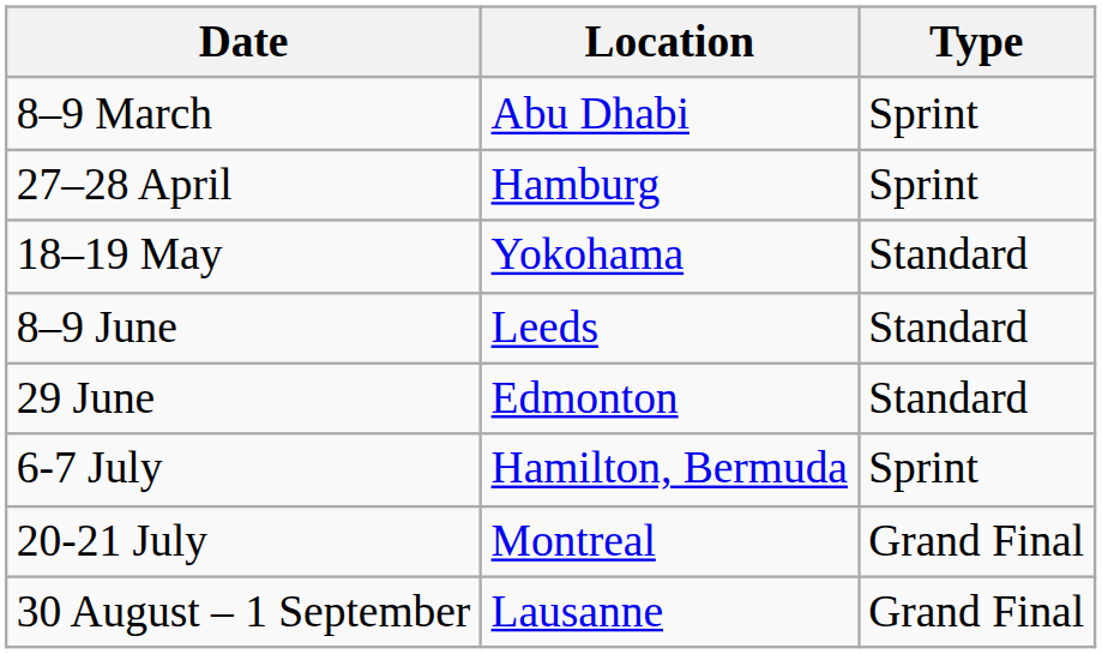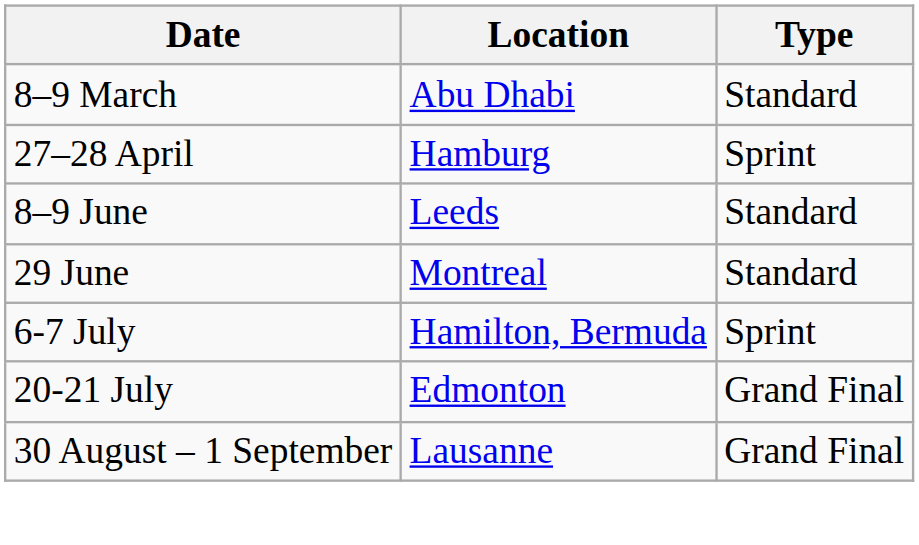 <table class="wikitable" style="display:inline-table;">
 <tr>
 <th>Date</th>
 <th>Location</th>
 <th>Type</th>
 </tr>
 <tr>
 <td>8–9 March</td>
 <td> <a href='#'>Abu Dhabi</a></td>
-<td>Sprint</td>
+<td>Standard</td>
 </tr>
 <tr>
 <td>27–28 April</td>
 <td> <a href='#'>Hamburg</a></td>
 <td>Sprint</td>
-</tr>
-<tr>
-<td>18–19 May</td>
-<td> <a href='#'>Yokohama</a></td>
-<td>Standard</td>
 </tr>
 <tr>
 <td>8–9 June</td>
 <td> <a href='#'>Leeds</a></td>
 <td>Standard</td>
 </tr>
 <tr>
 <td>29 June</td>
-<td> <a href='#'>Edmonton</a></td>
+<td> <a href='#'>Montreal</a></td>
 <td>Standard</td>
 </tr>
 <tr>
 <td>6-7 July</td>
 <td> <a href='#'>Hamilton, Bermuda</a></td>
 <td>Sprint</td>
 </tr>
 <tr>
 <td>20-21 July</td>
-<td> <a href='#'>Montreal</a></td>
+<td> <a href='#'>Edmonton</a></td>
 <td>Grand Final</td>
 </tr>
 <tr>
 <td>30 August – 1 September</td>
 <td> <a href='#'>Lausanne</a></td>
 <td>Grand Final</td>
 </tr>
 </table>
